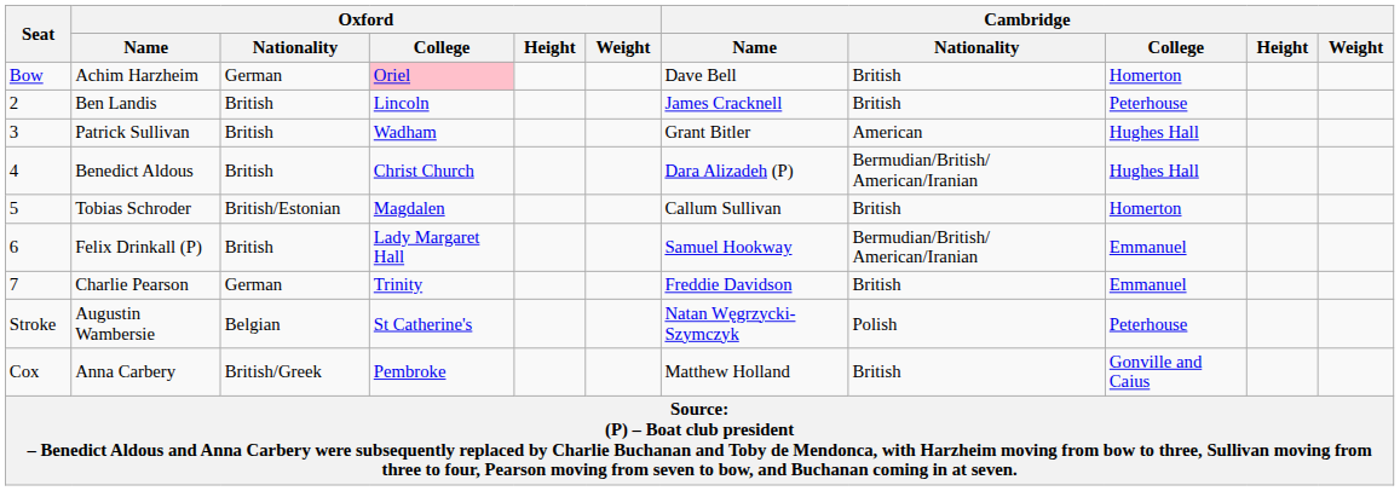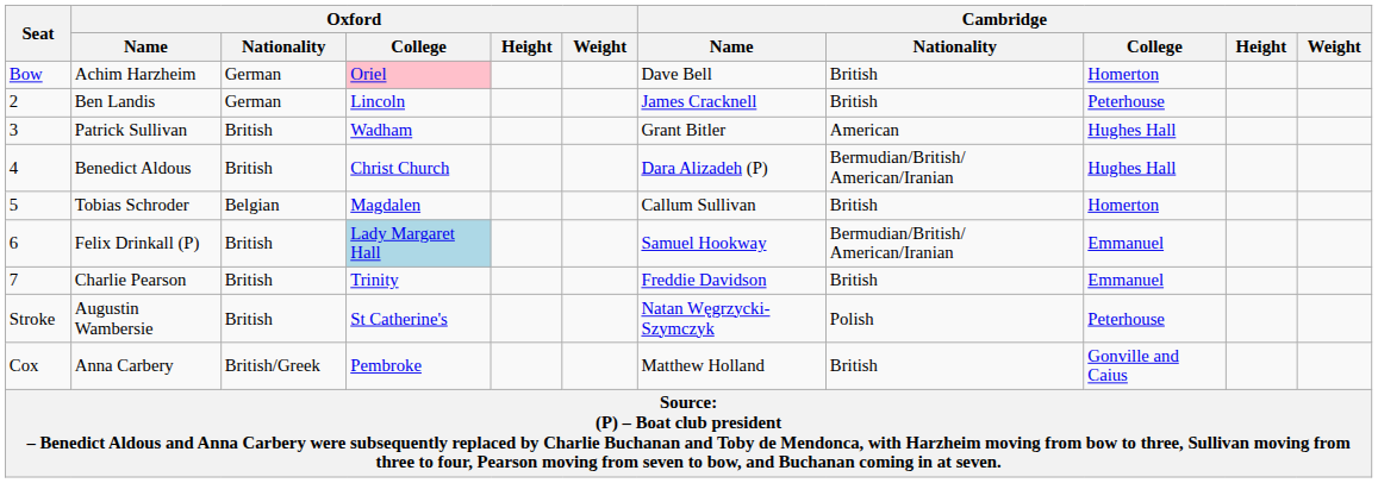 <table class="wikitable">
 <tr>
 <th rowspan="2" scope="col">Seat</th>
 <th colspan="5" scope="col">Oxford</th>
 <th colspan="5" scope="col">Cambridge</th>
 </tr>
 <tr>
 <th>Name</th>
 <th>Nationality</th>
 <th>College</th>
 <th>Height</th>
 <th>Weight</th>
 <th>Name</th>
 <th>Nationality</th>
 <th>College</th>
 <th>Height</th>
 <th>Weight</th>
 </tr>
 <tr>
 <td><a href='#'>Bow</a></td>
 <td>Achim Harzheim</td>
 <td>German</td>
 <td style="background: pink;"><a href='#'>Oriel</a></td>
 <td></td>
 <td></td>
 <td>Dave Bell</td>
 <td>British</td>
 <td><a href='#'>Homerton</a></td>
 <td></td>
 <td></td>
 </tr>
 <tr>
 <td>2</td>
 <td>Ben Landis</td>
-<td>British</td>
+<td>German</td>
 <td><a href='#'>Lincoln</a></td>
 <td></td>
 <td></td>
 <td><a href='#'>James Cracknell</a></td>
 <td>British</td>
 <td><a href='#'>Peterhouse</a></td>
 <td></td>
 <td></td>
 </tr>
 <tr>
 <td>3</td>
 <td>Patrick Sullivan</td>
 <td>British</td>
 <td><a href='#'>Wadham</a></td>
 <td></td>
 <td></td>
 <td>Grant Bitler</td>
 <td>American</td>
 <td><a href='#'>Hughes Hall</a></td>
 <td></td>
 <td></td>
 </tr>
 <tr>
 <td>4</td>
 <td>Benedict Aldous</td>
 <td>British</td>
 <td><a href='#'>Christ Church</a></td>
 <td></td>
 <td></td>
 <td><a href='#'>Dara Alizadeh</a> (P)</td>
 <td>Bermudian/British/ American/Iranian</td>
 <td><a href='#'>Hughes Hall</a></td>
 <td></td>
 <td></td>
 </tr>
 <tr>
 <td>5</td>
 <td>Tobias Schroder</td>
-<td>British/Estonian</td>
+<td>Belgian</td>
 <td><a href='#'>Magdalen</a></td>
 <td></td>
 <td></td>
 <td>Callum Sullivan</td>
 <td>British</td>
 <td><a href='#'>Homerton</a></td>
 <td></td>
 <td></td>
 </tr>
 <tr>
 <td>6</td>
 <td>Felix Drinkall (P)</td>
 <td>British</td>
-<td><a href='#'>Lady Margaret Hall</a></td>
+<td style="background: lightblue;"><a href='#'>Lady Margaret Hall</a></td>
 <td></td>
 <td></td>
 <td><a href='#'>Samuel Hookway</a></td>
 <td>Bermudian/British/ American/Iranian</td>
 <td><a href='#'>Emmanuel</a></td>
 <td></td>
 <td></td>
 </tr>
 <tr>
 <td>7</td>
 <td>Charlie Pearson</td>
-<td>German</td>
+<td>British</td>
 <td><a href='#'>Trinity</a></td>
 <td></td>
 <td></td>
 <td><a href='#'>Freddie Davidson</a></td>
 <td>British</td>
 <td><a href='#'>Emmanuel</a></td>
 <td></td>
 <td></td>
 </tr>
 <tr>
 <td>Stroke</td>
 <td>Augustin Wambersie</td>
-<td>Belgian</td>
+<td>British</td>
 <td><a href='#'>St Catherine's</a></td>
 <td></td>
 <td></td>
 <td><a href='#'>Natan Węgrzycki-Szymczyk</a></td>
 <td>Polish</td>
 <td><a href='#'>Peterhouse</a></td>
 <td></td>
 <td></td>
 </tr>
 <tr>
 <td>Cox</td>
 <td>Anna Carbery</td>
 <td>British/Greek</td>
 <td><a href='#'>Pembroke</a></td>
 <td></td>
 <td></td>
 <td>Matthew Holland</td>
 <td>British</td>
 <td><a href='#'>Gonville and Caius</a></td>
 <td></td>
 <td></td>
 </tr>
 <tr>
 <th colspan=12>Source:<br>(P) – Boat club president<br> – Benedict Aldous and Anna Carbery were subsequently replaced by Charlie Buchanan and Toby de Mendonca, with Harzheim moving from bow to three, Sullivan moving from three to four, Pearson moving from seven to bow, and Buchanan coming in at seven.</th>
 </tr>
 </table>
